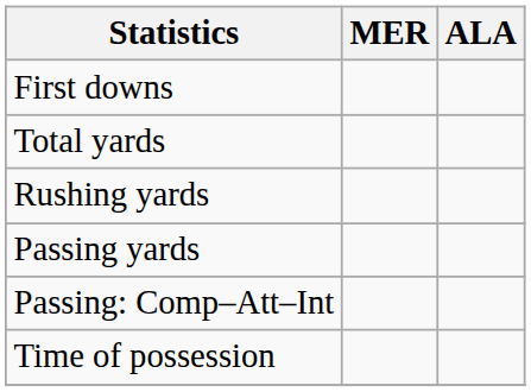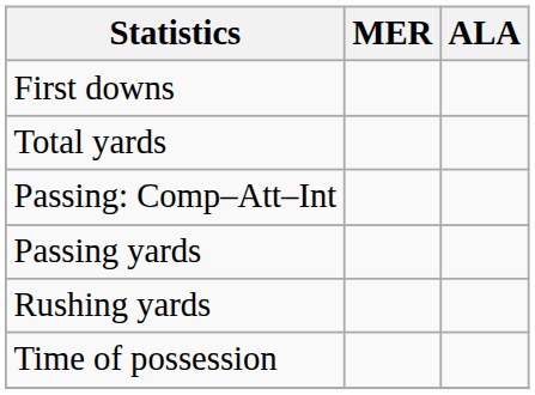 <table class="wikitable" style="float: left;">
 <tr>
 <th>Statistics</th>
 <th>MER</th>
 <th>ALA</th>
 </tr>
 <tr>
 <td>First downs</td>
 <td></td>
 <td></td>
 </tr>
 <tr>
 <td>Total yards</td>
 <td></td>
 <td></td>
 </tr>
 <tr>
-<td>Rushing yards</td>
+<td>Passing: Comp–Att–Int</td>
 <td></td>
 <td></td>
 </tr>
 <tr>
 <td>Passing yards</td>
 <td></td>
 <td></td>
 </tr>
 <tr>
-<td>Passing: Comp–Att–Int</td>
+<td>Rushing yards</td>
 <td></td>
 <td></td>
 </tr>
 <tr>
 <td>Time of possession</td>
 <td></td>
 <td></td>
 </tr>
 <tr>
 </tr>
 </table>
